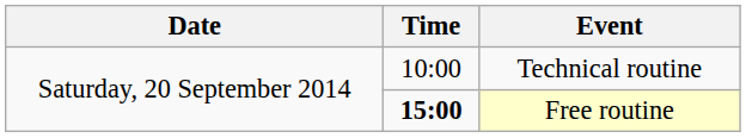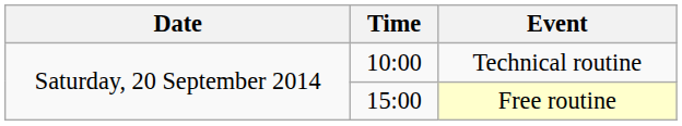 <table class = "wikitable" style="text-align:center;">
 <tr>
 <th width=220>Date</th>
 <th width=50>Time</th>
 <th width=150>Event</th>
 </tr>
 <tr>
 <td rowspan=2>Saturday, 20 September 2014</td>
 <td>10:00</td>
 <td>Technical routine</td>
 </tr>
 <tr>
-<td><strong>15:00</strong></td>
+<td>15:00</td>
 <td bgcolor=ffffcc>Free routine</td>
 </tr>
 </table>
